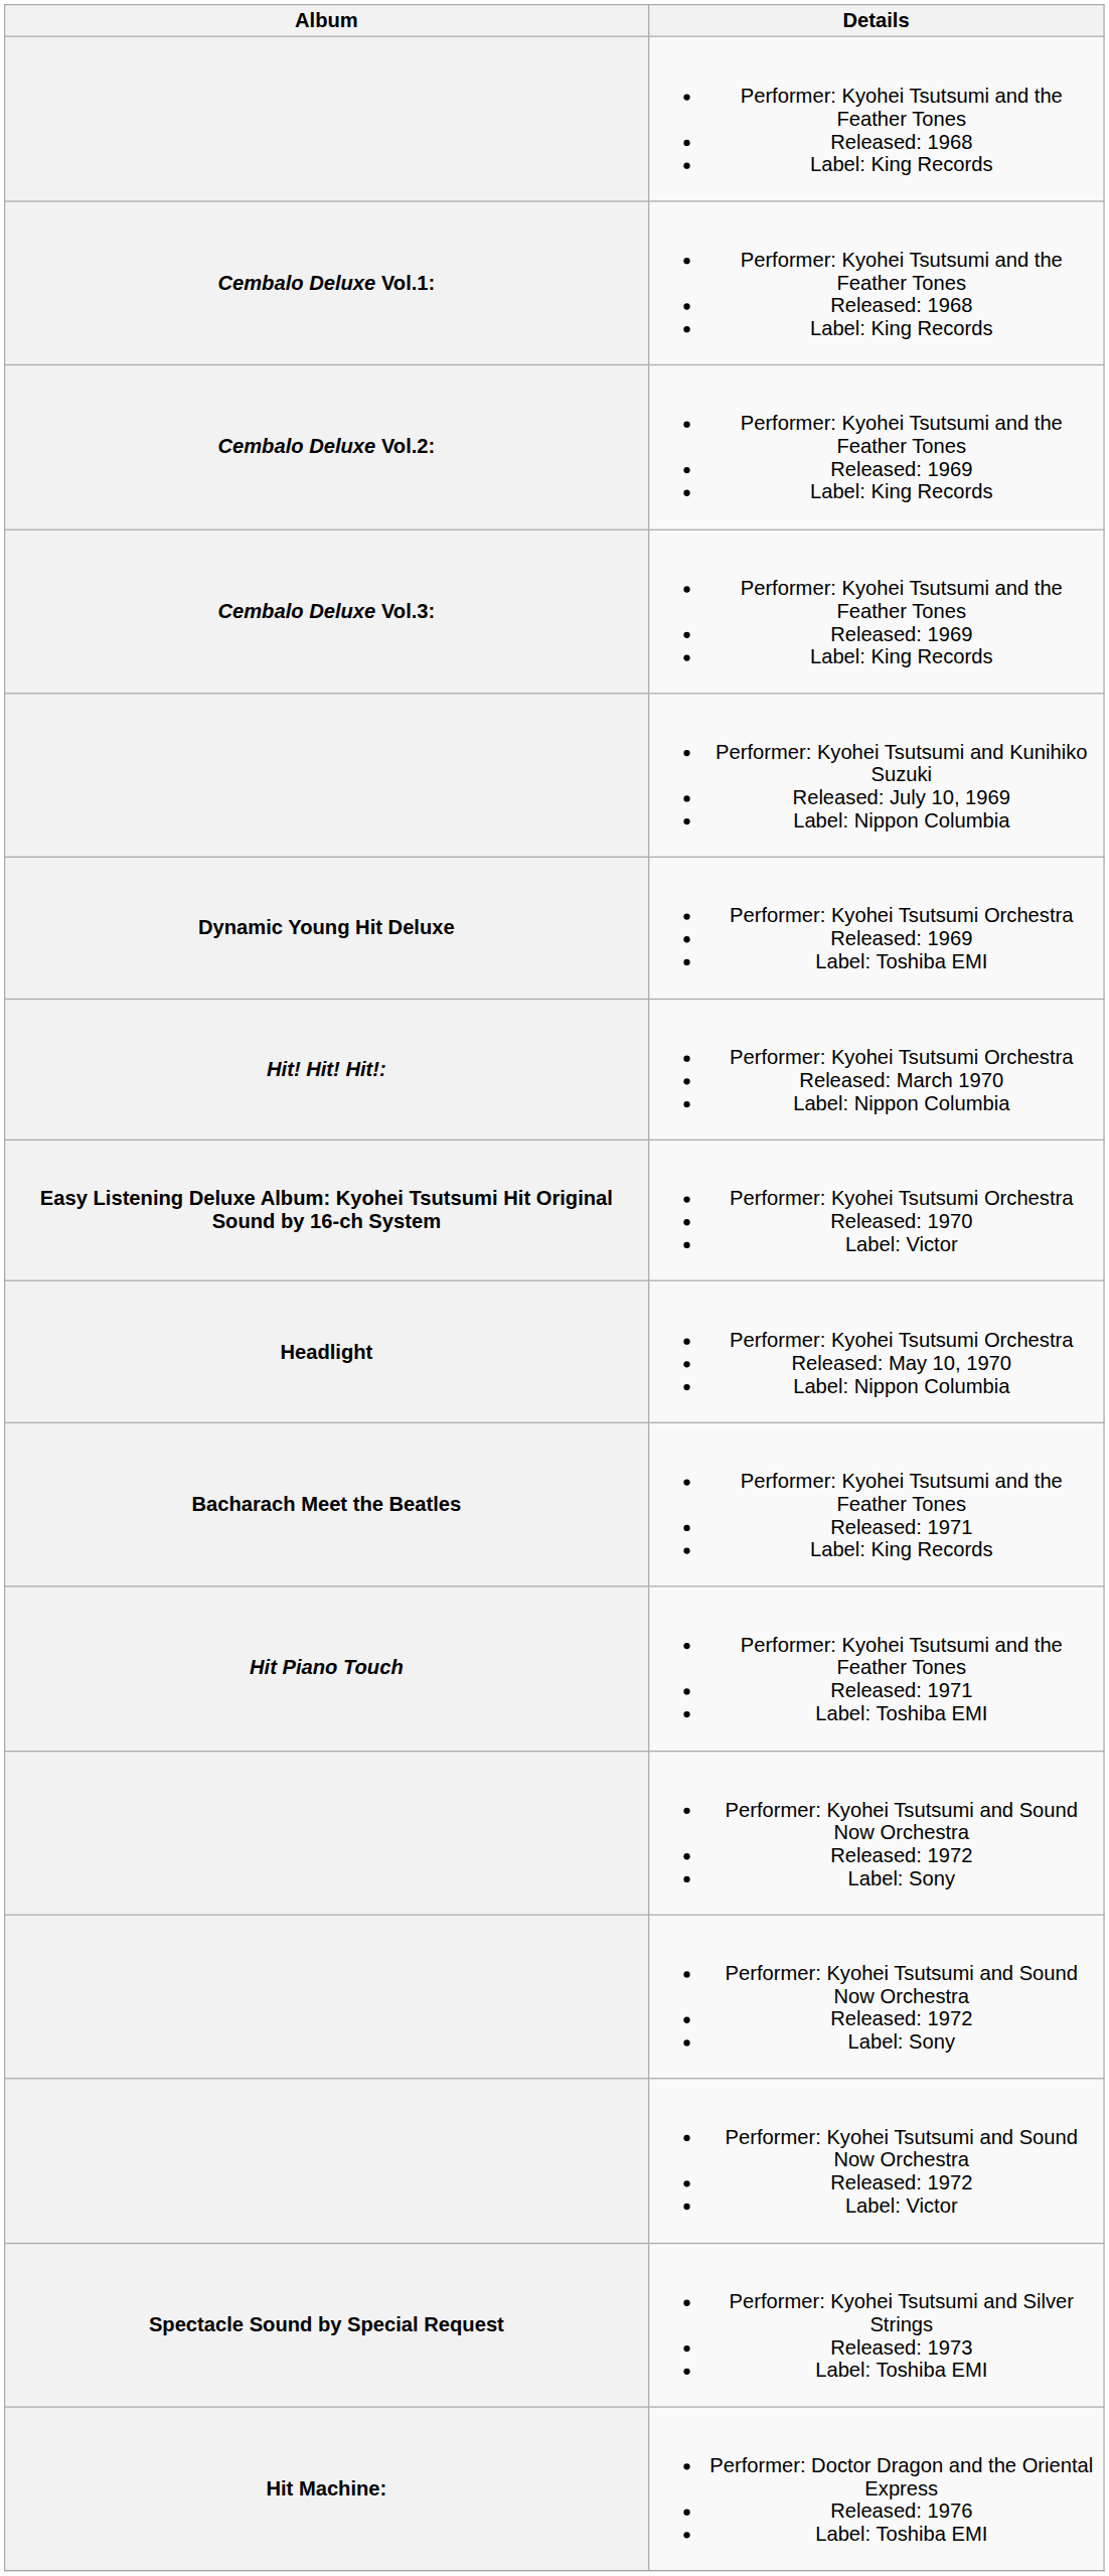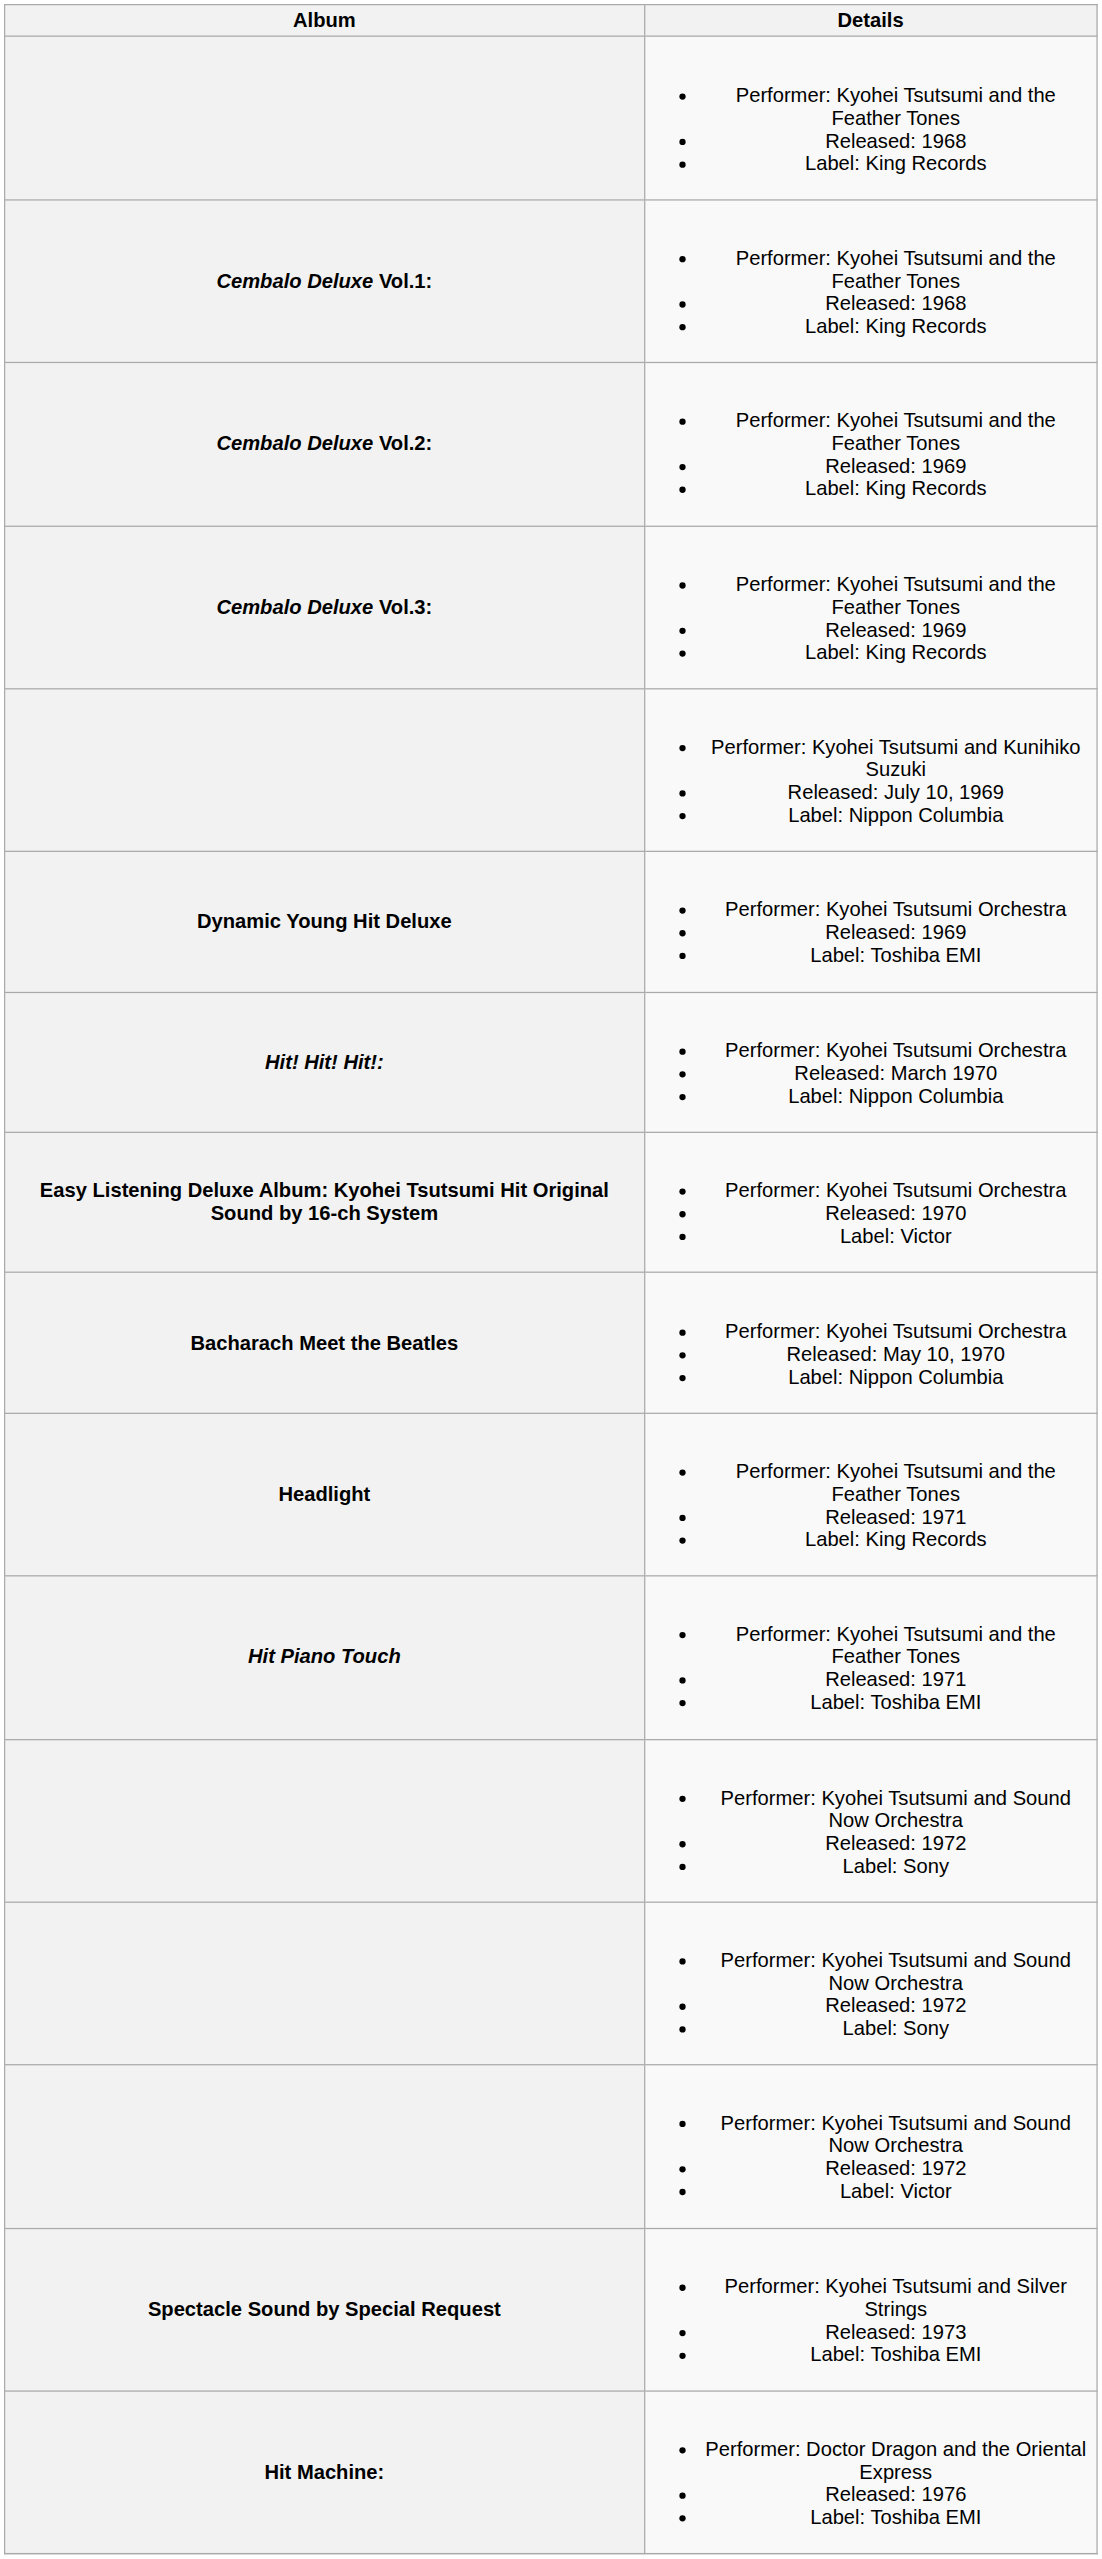 <table class="wikitable plainrowheaders" style="text-align:center;">
 <tr>
 <th>Album</th>
 <th>Details</th>
 </tr>
 <tr>
 <th scope="row"></th>
 <td><br><ul><li>Performer: Kyohei Tsutsumi and the Feather Tones</li><li>Released: 1968</li><li>Label: King Records</li></ul></td>
 </tr>
 <tr>
 <th scope="row"><em>Cembalo Deluxe</em> Vol.1: </th>
 <td><br><ul><li>Performer: Kyohei Tsutsumi and the Feather Tones</li><li>Released: 1968</li><li>Label: King Records</li></ul></td>
 </tr>
 <tr>
 <th scope="row"><em>Cembalo Deluxe</em> Vol.2: </th>
 <td><br><ul><li>Performer: Kyohei Tsutsumi and the Feather Tones</li><li>Released: 1969</li><li>Label: King Records</li></ul></td>
 </tr>
 <tr>
 <th scope="row"><em>Cembalo Deluxe</em> Vol.3: </th>
 <td><br><ul><li>Performer: Kyohei Tsutsumi and the Feather Tones</li><li>Released: 1969</li><li>Label: King Records</li></ul></td>
 </tr>
 <tr>
 <th scope="row"></th>
 <td><br><ul><li>Performer: Kyohei Tsutsumi and Kunihiko Suzuki</li><li>Released: July 10, 1969</li><li>Label: Nippon Columbia</li></ul></td>
 </tr>
 <tr>
 <th scope="row"></em>Dynamic Young Hit Deluxe<em></th>
 <td><br><ul><li>Performer: Kyohei Tsutsumi Orchestra</li><li>Released: 1969</li><li>Label: Toshiba EMI</li></ul></td>
 </tr>
 <tr>
 <th scope="row"><em>Hit! Hit! Hit!: </th>
 <td><br><ul><li>Performer: Kyohei Tsutsumi Orchestra</li><li>Released: March 1970</li><li>Label: Nippon Columbia</li></ul></td>
 </tr>
 <tr>
 <th scope="row"></em>Easy Listening Deluxe Album: Kyohei Tsutsumi Hit Original Sound by 16-ch System<em></th>
 <td><br><ul><li>Performer: Kyohei Tsutsumi Orchestra</li><li>Released: 1970</li><li>Label: Victor</li></ul></td>
 </tr>
 <tr>
-<th scope="row"></em>Headlight<em></th>
+<th scope="row"></em>Bacharach Meet the Beatles<em></th>
 <td><br><ul><li>Performer: Kyohei Tsutsumi Orchestra</li><li>Released: May 10, 1970</li><li>Label: Nippon Columbia</li></ul></td>
 </tr>
 <tr>
-<th scope="row"></em>Bacharach Meet the Beatles<em></th>
+<th scope="row"></em>Headlight<em></th>
 <td><br><ul><li>Performer: Kyohei Tsutsumi and the Feather Tones</li><li>Released: 1971</li><li>Label: King Records</li></ul></td>
 </tr>
 <tr>
 <th scope="row"><em>Hit Piano Touch</em></th>
 <td><br><ul><li>Performer: Kyohei Tsutsumi and the Feather Tones</li><li>Released: 1971</li><li>Label: Toshiba EMI</li></ul></td>
 </tr>
 <tr>
 <th scope="row"></th>
 <td><br><ul><li>Performer: Kyohei Tsutsumi and Sound Now Orchestra</li><li>Released: 1972</li><li>Label: Sony</li></ul></td>
 </tr>
 <tr>
 <th scope="row"></th>
 <td><br><ul><li>Performer: Kyohei Tsutsumi and Sound Now Orchestra</li><li>Released: 1972</li><li>Label: Sony</li></ul></td>
 </tr>
 <tr>
 <th scope="row"></th>
 <td><br><ul><li>Performer: Kyohei Tsutsumi and Sound Now Orchestra</li><li>Released: 1972</li><li>Label: Victor</li></ul></td>
 </tr>
 <tr>
 <th scope="row"></em>Spectacle Sound by Special Request<em></th>
 <td><br><ul><li>Performer: Kyohei Tsutsumi and Silver Strings</li><li>Released: 1973</li><li>Label: Toshiba EMI</li></ul></td>
 </tr>
 <tr>
 <th scope="row"></em>Hit Machine:<em> </th>
 <td><br><ul><li>Performer: Doctor Dragon and the Oriental Express</li><li>Released: 1976</li><li>Label: Toshiba EMI</li></ul></td>
 </tr>
 <tr>
 </tr>
 </table>
